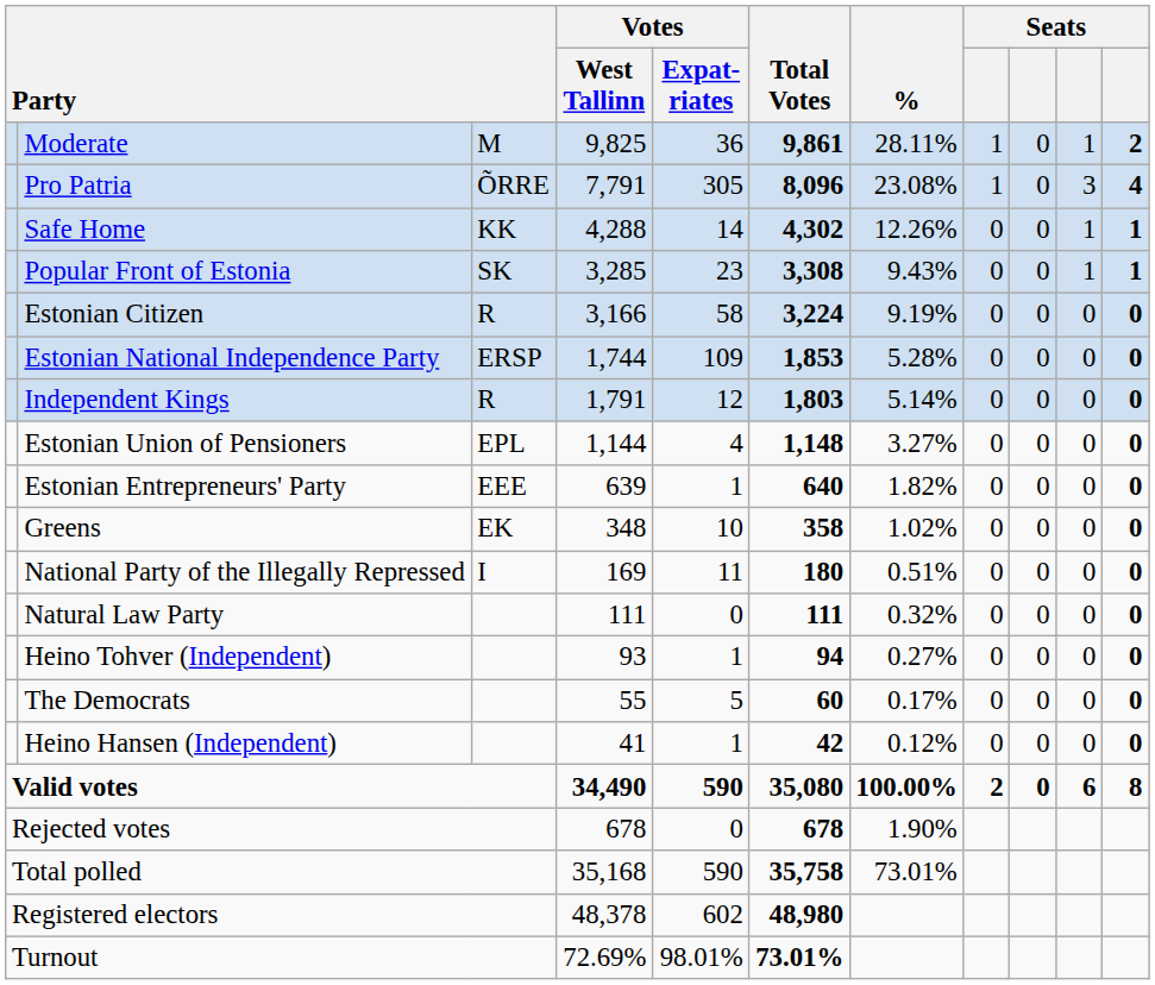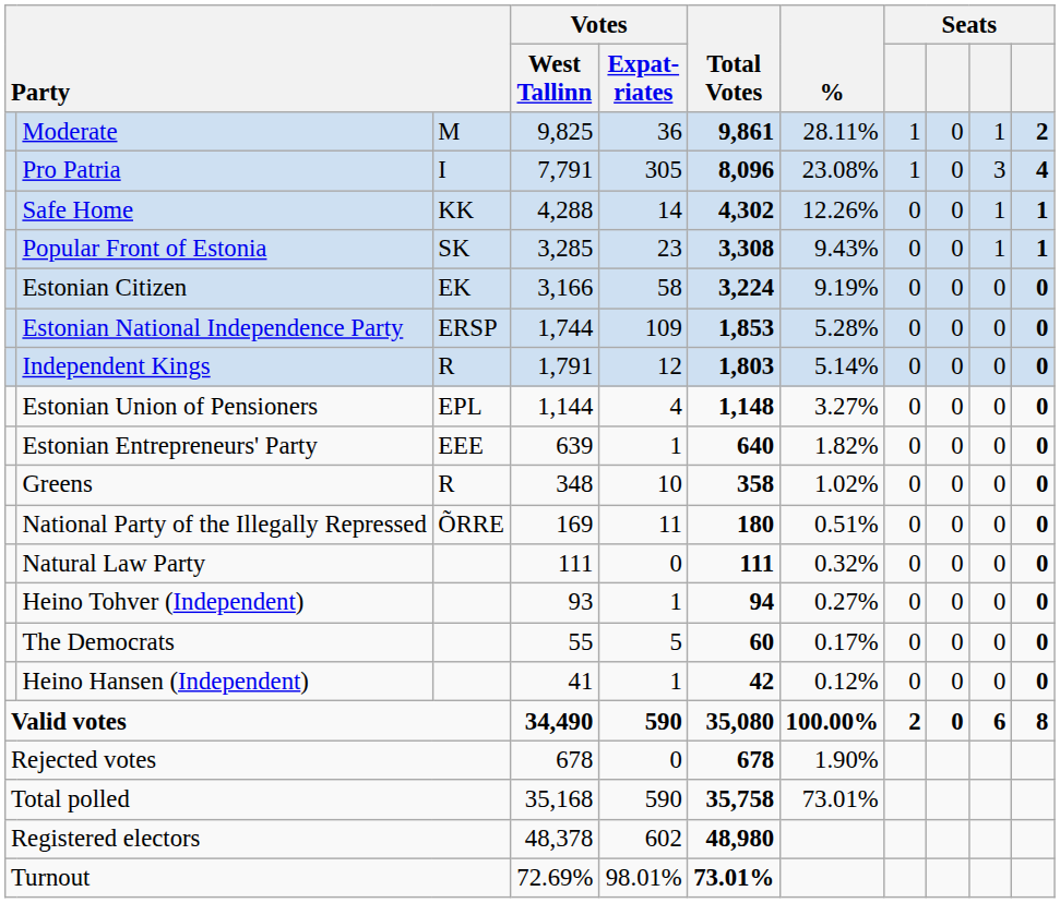 <table class="wikitable" border="1" style="text-align:right;">
 <tr>
 <th style="text-align:left;" valign=bottom rowspan=2 colspan=3>Party</th>
 <th colspan=2>Votes</th>
 <th align=center valign=bottom rowspan=2 width="50">Total Votes</th>
 <th align=center valign=bottom rowspan=2 width="50">%</th>
 <th colspan=4>Seats</th>
 </tr>
 <tr>
 <th align=center valign=bottom width="50">West <a href='#'>Tallinn</a></th>
 <th align=center valign=bottom width="50"><a href='#'>Expat- riates</a></th>
 <th align=center valign=bottom width="20"><small></small></th>
 <th align=center valign=bottom width="20"><small></small></th>
 <th align=center valign=bottom width="20"><small></small></th>
 <th align=center valign=bottom width="20"><small></small></th>
 </tr>
 <tr style="background:#CEE0F2;">
 <td style="background:"></td>
 <td align=left><a href='#'>Moderate</a></td>
 <td align=left>M</td>
 <td>9,825</td>
 <td>36</td>
 <td><strong>9,861</strong></td>
 <td>28.11%</td>
 <td>1</td>
 <td>0</td>
 <td>1</td>
 <td><strong>2</strong></td>
 </tr>
 <tr style="background:#CEE0F2;">
 <td style="background:"></td>
 <td align=left><a href='#'>Pro Patria</a></td>
-<td align=left>ÕRRE</td>
+<td align=left>I</td>
 <td>7,791</td>
 <td>305</td>
 <td><strong>8,096</strong></td>
 <td>23.08%</td>
 <td>1</td>
 <td>0</td>
 <td>3</td>
 <td><strong>4</strong></td>
 </tr>
 <tr style="background:#CEE0F2;">
 <td style="background:"></td>
 <td align=left><a href='#'>Safe Home</a></td>
 <td align=left>KK</td>
 <td>4,288</td>
 <td>14</td>
 <td><strong>4,302</strong></td>
 <td>12.26%</td>
 <td>0</td>
 <td>0</td>
 <td>1</td>
 <td><strong>1</strong></td>
 </tr>
 <tr style="background:#CEE0F2;">
 <td style="background:"></td>
 <td align=left><a href='#'>Popular Front of Estonia</a></td>
 <td align=left>SK</td>
 <td>3,285</td>
 <td>23</td>
 <td><strong>3,308</strong></td>
 <td>9.43%</td>
 <td>0</td>
 <td>0</td>
 <td>1</td>
 <td><strong>1</strong></td>
 </tr>
 <tr style="background:#CEE0F2;">
 <td></td>
 <td align=left>Estonian Citizen</td>
-<td align=left>R</td>
+<td align=left>EK</td>
 <td>3,166</td>
 <td>58</td>
 <td><strong>3,224</strong></td>
 <td>9.19%</td>
 <td>0</td>
 <td>0</td>
 <td>0</td>
 <td><strong>0</strong></td>
 </tr>
 <tr style="background:#CEE0F2;">
 <td></td>
 <td align=left><a href='#'>Estonian National Independence Party</a></td>
 <td align=left>ERSP</td>
 <td>1,744</td>
 <td>109</td>
 <td><strong>1,853</strong></td>
 <td>5.28%</td>
 <td>0</td>
 <td>0</td>
 <td>0</td>
 <td><strong>0</strong></td>
 </tr>
 <tr style="background:#CEE0F2;">
 <td></td>
 <td align=left><a href='#'>Independent Kings</a></td>
 <td align=left>R</td>
 <td>1,791</td>
 <td>12</td>
 <td><strong>1,803</strong></td>
 <td>5.14%</td>
 <td>0</td>
 <td>0</td>
 <td>0</td>
 <td><strong>0</strong></td>
 </tr>
 <tr>
 <td></td>
 <td align=left>Estonian Union of Pensioners</td>
 <td align=left>EPL</td>
 <td>1,144</td>
 <td>4</td>
 <td><strong>1,148</strong></td>
 <td>3.27%</td>
 <td>0</td>
 <td>0</td>
 <td>0</td>
 <td><strong>0</strong></td>
 </tr>
 <tr>
 <td></td>
 <td align=left>Estonian Entrepreneurs' Party</td>
 <td align=left>EEE</td>
 <td>639</td>
 <td>1</td>
 <td><strong>640</strong></td>
 <td>1.82%</td>
 <td>0</td>
 <td>0</td>
 <td>0</td>
 <td><strong>0</strong></td>
 </tr>
 <tr>
 <td></td>
 <td align=left>Greens</td>
-<td align=left>EK</td>
+<td align=left>R</td>
 <td>348</td>
 <td>10</td>
 <td><strong>358</strong></td>
 <td>1.02%</td>
 <td>0</td>
 <td>0</td>
 <td>0</td>
 <td><strong>0</strong></td>
 </tr>
 <tr>
 <td></td>
 <td align=left>National Party of the Illegally Repressed</td>
-<td align=left>I</td>
+<td align=left>ÕRRE</td>
 <td>169</td>
 <td>11</td>
 <td><strong>180</strong></td>
 <td>0.51%</td>
 <td>0</td>
 <td>0</td>
 <td>0</td>
 <td><strong>0</strong></td>
 </tr>
 <tr>
 <td></td>
 <td align=left>Natural Law Party</td>
 <td></td>
 <td>111</td>
 <td>0</td>
 <td><strong>111</strong></td>
 <td>0.32%</td>
 <td>0</td>
 <td>0</td>
 <td>0</td>
 <td><strong>0</strong></td>
 </tr>
 <tr>
 <td style="background:"></td>
 <td align=left>Heino Tohver (<a href='#'>Independent</a>)</td>
 <td></td>
 <td>93</td>
 <td>1</td>
 <td><strong>94</strong></td>
 <td>0.27%</td>
 <td>0</td>
 <td>0</td>
 <td>0</td>
 <td><strong>0</strong></td>
 </tr>
 <tr>
 <td></td>
 <td align=left>The Democrats</td>
 <td></td>
 <td>55</td>
 <td>5</td>
 <td><strong>60</strong></td>
 <td>0.17%</td>
 <td>0</td>
 <td>0</td>
 <td>0</td>
 <td><strong>0</strong></td>
 </tr>
 <tr>
 <td style="background:"></td>
 <td align=left>Heino Hansen (<a href='#'>Independent</a>)</td>
 <td></td>
 <td>41</td>
 <td>1</td>
 <td><strong>42</strong></td>
 <td>0.12%</td>
 <td>0</td>
 <td>0</td>
 <td>0</td>
 <td><strong>0</strong></td>
 </tr>
 <tr style="font-weight:bold">
 <td align=left colspan=3>Valid votes</td>
 <td>34,490</td>
 <td>590</td>
 <td>35,080</td>
 <td>100.00%</td>
 <td>2</td>
 <td>0</td>
 <td>6</td>
 <td>8</td>
 </tr>
 <tr>
 <td align=left colspan=3>Rejected votes</td>
 <td>678</td>
 <td>0</td>
 <td><strong>678</strong></td>
 <td>1.90%</td>
 <td></td>
 <td></td>
 <td></td>
 <td></td>
 </tr>
 <tr>
 <td align=left colspan=3>Total polled</td>
 <td>35,168</td>
 <td>590</td>
 <td><strong>35,758</strong></td>
 <td>73.01%</td>
 <td></td>
 <td></td>
 <td></td>
 <td></td>
 </tr>
 <tr>
 <td align=left colspan=3>Registered electors</td>
 <td>48,378</td>
 <td>602</td>
 <td><strong>48,980</strong></td>
 <td></td>
 <td></td>
 <td></td>
 <td></td>
 <td></td>
 </tr>
 <tr>
 <td align=left colspan=3>Turnout</td>
 <td>72.69%</td>
 <td>98.01%</td>
 <td><strong>73.01%</strong></td>
 <td></td>
 <td></td>
 <td></td>
 <td></td>
 <td></td>
 </tr>
 </table>
